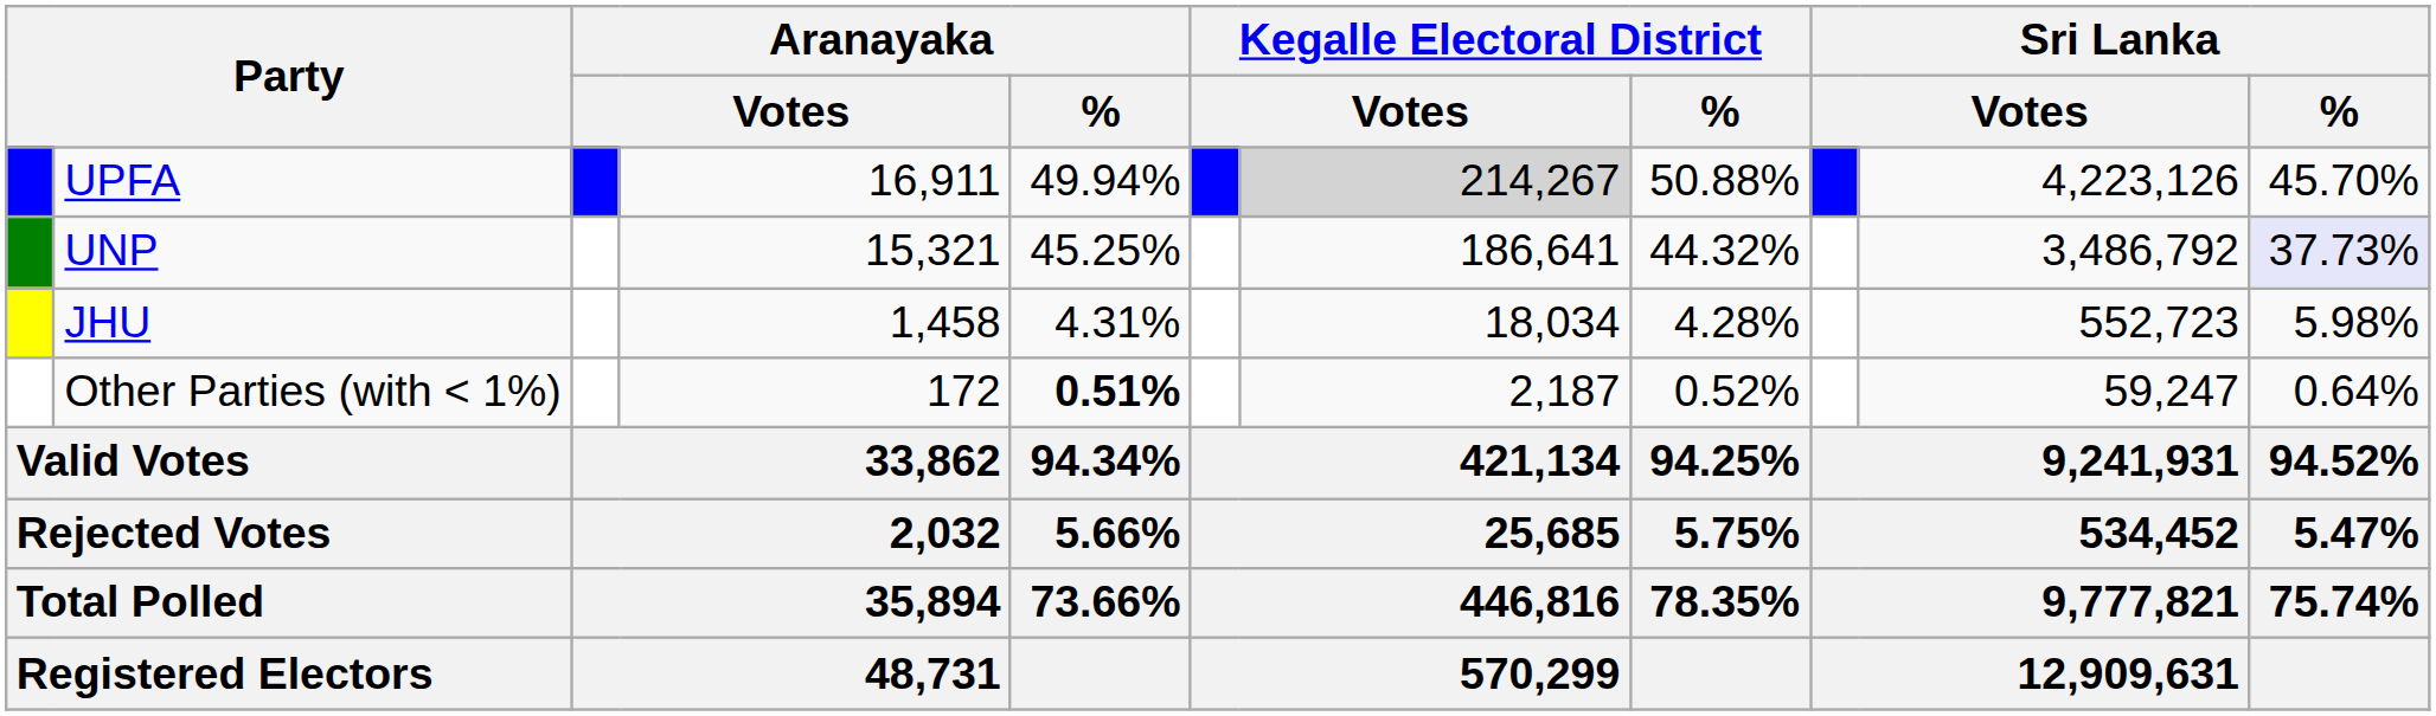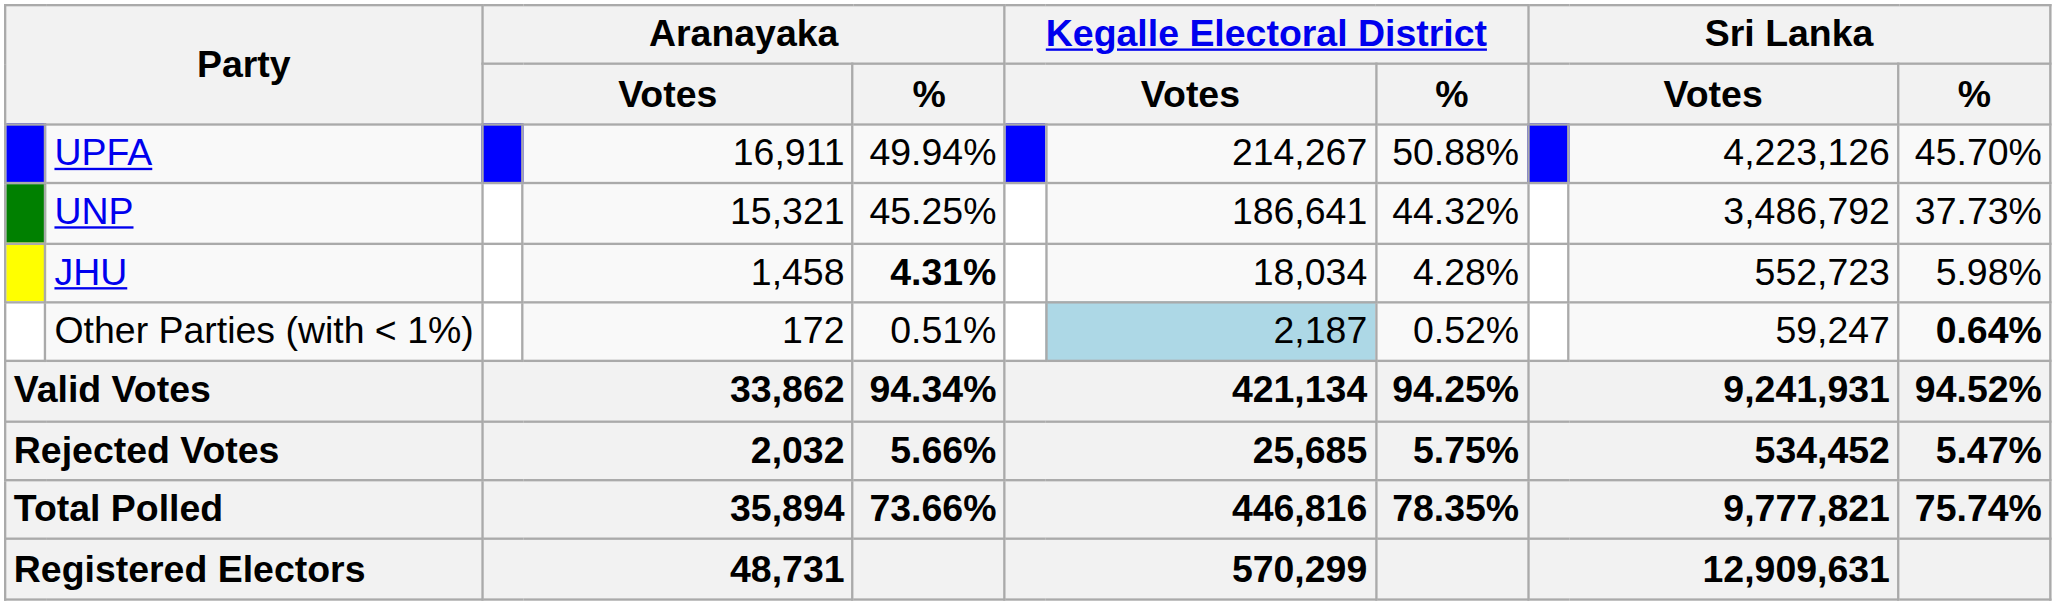 <table class="wikitable">
 <tr>
 <th colspan="2" width="144px"rowspan="2">Party</th>
 <th colspan="3" width="216px">Aranayaka</th>
 <th colspan="3" width="216px"><a href='#'>Kegalle Electoral District</a></th>
 <th colspan="3" width="216px">Sri Lanka</th>
 </tr>
 <tr>
 <th colspan="2" width="144px">Votes</th>
 <th>%</th>
 <th colspan="2" width="144px">Votes</th>
 <th>%</th>
 <th colspan="2" width="144px">Votes</th>
 <th>%</th>
 </tr>
 <tr>
 <td style="background-color:blue;" width="10px"></td>
 <td style="text-align:left;"><a href='#'>UPFA</a></td>
 <td style="background-color:blue;" width="10px"></td>
 <td style="text-align:right;">16,911</td>
 <td style="text-align:right;">49.94%</td>
 <td style="background-color:blue;" width="10px"></td>
-<td style="background: lightgrey; text-align:right;">214,267</td>
+<td style="text-align:right;">214,267</td>
 <td style="text-align:right;">50.88%</td>
 <td style="background-color:blue;" width="10px"></td>
 <td style="text-align:right;">4,223,126</td>
 <td style="text-align:right;">45.70%</td>
 </tr>
 <tr>
 <td style="background-color:green;" width="10px"></td>
 <td style="text-align:left;"><a href='#'>UNP</a></td>
 <td style="background-color:white;" width="10px"></td>
 <td style="text-align:right;">15,321</td>
 <td style="text-align:right;">45.25%</td>
 <td style="background-color:white;" width="10px"></td>
 <td style="text-align:right;">186,641</td>
 <td style="text-align:right;">44.32%</td>
 <td style="background-color:white;" width="10px"></td>
 <td style="text-align:right;">3,486,792</td>
-<td style="background: lavender; text-align:right;">37.73%</td>
+<td style="text-align:right;">37.73%</td>
 </tr>
 <tr>
 <td style="background-color:yellow;" width="10px"></td>
 <td style="text-align:left;"><a href='#'>JHU</a></td>
 <td style="background-color:white;" width="10px"></td>
 <td style="text-align:right;">1,458</td>
-<td style="text-align:right;">4.31%</td>
+<td style="text-align:right;"><strong>4.31%</strong></td>
 <td style="background-color:white;" width="10px"></td>
 <td style="text-align:right;">18,034</td>
 <td style="text-align:right;">4.28%</td>
 <td style="background-color:white;" width="10px"></td>
 <td style="text-align:right;">552,723</td>
 <td style="text-align:right;">5.98%</td>
 </tr>
 <tr>
 <td style="background-color:white;" width="10px"></td>
 <td style="text-align:left;">Other Parties (with < 1%)</td>
 <td style="background-color:white;" width="10px"></td>
 <td style="text-align:right;">172</td>
-<td style="text-align:right;"><strong>0.51%</strong></td>
+<td style="text-align:right;">0.51%</td>
 <td style="background-color:white;" width="10px"></td>
-<td style="text-align:right;">2,187</td>
+<td style="background: lightblue; text-align:right;">2,187</td>
 <td style="text-align:right;">0.52%</td>
 <td style="background-color:white;" width="10px"></td>
 <td style="text-align:right;">59,247</td>
-<td style="text-align:right;">0.64%</td>
+<td style="text-align:right;"><strong>0.64%</strong></td>
 </tr>
 <tr>
 <th colspan="2" width="144px"style="text-align:left;">Valid Votes</th>
 <th style="text-align:right;"colspan="2" width="144px">33,862</th>
 <th style="text-align:right;">94.34%</th>
 <th style="text-align:right;"colspan="2" width="144px">421,134</th>
 <th style="text-align:right;">94.25%</th>
 <th style="text-align:right;"colspan="2" width="144px">9,241,931</th>
 <th style="text-align:right;">94.52%</th>
 </tr>
 <tr>
 <th colspan="2" width="144px"style="text-align:left;">Rejected Votes</th>
 <th style="text-align:right;"colspan="2" width="144px">2,032</th>
 <th style="text-align:right;">5.66%</th>
 <th style="text-align:right;"colspan="2" width="144px">25,685</th>
 <th style="text-align:right;">5.75%</th>
 <th style="text-align:right;"colspan="2" width="144px">534,452</th>
 <th style="text-align:right;">5.47%</th>
 </tr>
 <tr>
 <th colspan="2" width="144px"style="text-align:left;">Total Polled</th>
 <th style="text-align:right;"colspan="2" width="144px">35,894</th>
 <th style="text-align:right;">73.66%</th>
 <th style="text-align:right;"colspan="2" width="144px">446,816</th>
 <th style="text-align:right;">78.35%</th>
 <th style="text-align:right;"colspan="2" width="144px">9,777,821</th>
 <th style="text-align:right;">75.74%</th>
 </tr>
 <tr>
 <th colspan="2" width="144px"style="text-align:left;">Registered Electors</th>
 <th style="text-align:right;"colspan="2" width="144px">48,731</th>
 <th></th>
 <th style="text-align:right;"colspan="2" width="144px">570,299</th>
 <th></th>
 <th style="text-align:right;"colspan="2" width="144px">12,909,631</th>
 <th></th>
 </tr>
 </table>
